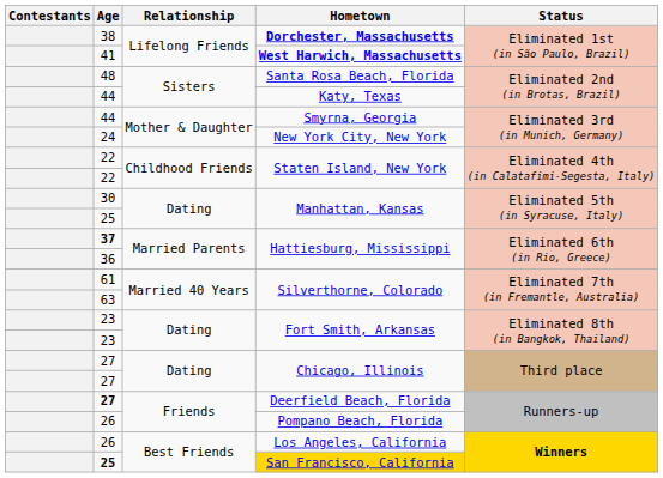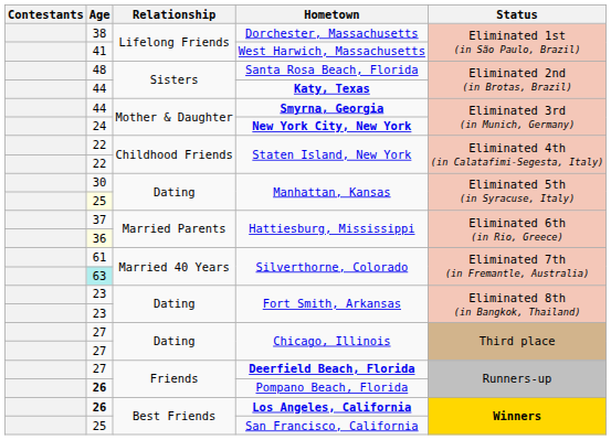 <table class="wikitable sortable" style="text-align:center;">
 <tr>
 <th scope="col">Contestants</th>
 <th scope="col">Age</th>
 <th scope="col" class="unsortable">Relationship</th>
 <th class="unsortable" scope="col">Hometown</th>
 <th scope="col">Status</th>
 </tr>
 <tr>
 <th scope="row"></th>
 <td>38</td>
 <td rowspan="2">Lifelong Friends</td>
-<td><strong><a href='#'>Dorchester, Massachusetts</a></strong></td>
+<td><a href='#'>Dorchester, Massachusetts</a></td>
 <td rowspan="2" bgcolor="f4c7b8">Eliminated 1st<br><small><em>(in São Paulo, Brazil)</em></small></td>
 </tr>
 <tr>
 <th scope="row"></th>
 <td>41</td>
-<td><strong><a href='#'>West Harwich, Massachusetts</a></strong></td>
+<td><a href='#'>West Harwich, Massachusetts</a></td>
 </tr>
 <tr>
 <th scope="row"></th>
 <td>48</td>
 <td rowspan="2">Sisters</td>
 <td><a href='#'>Santa Rosa Beach, Florida</a></td>
 <td rowspan="2" bgcolor="f4c7b8">Eliminated 2nd<br><small><em>(in Brotas, Brazil)</em></small></td>
 </tr>
 <tr>
 <th scope="row"></th>
 <td>44</td>
-<td><a href='#'>Katy, Texas</a></td>
+<td><strong><a href='#'>Katy, Texas</a></strong></td>
 </tr>
 <tr>
 <th scope="row"></th>
 <td>44</td>
 <td rowspan="2">Mother & Daughter</td>
-<td><a href='#'>Smyrna, Georgia</a></td>
+<td><strong><a href='#'>Smyrna, Georgia</a></strong></td>
 <td rowspan="2" bgcolor="f4c7b8">Eliminated 3rd<br><small><em>(in Munich, Germany)</em></small></td>
 </tr>
 <tr>
 <th scope="row"></th>
 <td>24</td>
-<td><a href='#'>New York City, New York</a></td>
+<td><strong><a href='#'>New York City, New York</a></strong></td>
 </tr>
 <tr>
 <th scope="row"></th>
 <td>22</td>
 <td rowspan="2">Childhood Friends</td>
 <td rowspan="2"><a href='#'>Staten Island, New York</a></td>
 <td rowspan="2" bgcolor="f4c7b8">Eliminated 4th<br><small><em>(in Calatafimi-Segesta, Italy)</em></small></td>
 </tr>
 <tr>
 <th scope="row"></th>
 <td>22</td>
 </tr>
 <tr>
 <th scope="row"></th>
 <td>30</td>
 <td rowspan="2">Dating</td>
 <td rowspan="2"><a href='#'>Manhattan, Kansas</a></td>
 <td rowspan="2" bgcolor="f4c7b8">Eliminated 5th<br><small><em>(in Syracuse, Italy)</em></small></td>
 </tr>
 <tr>
 <th scope="row"></th>
-<td>25</td>
+<td style="background: lightyellow;">25</td>
 </tr>
 <tr>
 <th scope="row"></th>
-<td><strong>37</strong></td>
+<td>37</td>
 <td rowspan="2">Married Parents</td>
 <td rowspan="2"><a href='#'>Hattiesburg, Mississippi</a></td>
 <td rowspan="2" bgcolor="f4c7b8">Eliminated 6th<br><small><em>(in Rio, Greece)</em></small></td>
 </tr>
 <tr>
 <th scope="row"></th>
-<td>36</td>
+<td style="background: lightyellow;">36</td>
 </tr>
 <tr>
 <th scope="row"></th>
 <td>61</td>
 <td rowspan="2">Married 40 Years</td>
 <td rowspan="2"><a href='#'>Silverthorne, Colorado</a></td>
 <td rowspan="2" bgcolor="f4c7b8">Eliminated 7th<br><small><em>(in Fremantle, Australia)</em></small></td>
 </tr>
 <tr>
 <th scope="row"></th>
-<td>63</td>
+<td style="background: paleturquoise;">63</td>
 </tr>
 <tr>
 <th scope="row"></th>
 <td>23</td>
 <td rowspan="2">Dating</td>
 <td rowspan="2"><a href='#'>Fort Smith, Arkansas</a></td>
 <td rowspan="2" bgcolor="f4c7b8">Eliminated 8th<br><small><em>(in Bangkok, Thailand)</em></small></td>
 </tr>
 <tr>
 <th scope="row"></th>
 <td>23</td>
 </tr>
 <tr>
 <th scope="row"></th>
 <td>27</td>
 <td rowspan="2">Dating</td>
 <td rowspan="2"><a href='#'>Chicago, Illinois</a></td>
 <td rowspan="2" bgcolor="tan">Third place</td>
 </tr>
 <tr>
 <th scope="row"></th>
 <td>27</td>
 </tr>
 <tr>
 <th scope="row"></th>
-<td><strong>27</strong></td>
+<td>27</td>
 <td rowspan="2">Friends</td>
-<td><a href='#'>Deerfield Beach, Florida</a></td>
+<td><strong><a href='#'>Deerfield Beach, Florida</a></strong></td>
 <td rowspan="2" bgcolor="silver">Runners-up</td>
 </tr>
 <tr>
 <th scope="row"></th>
-<td>26</td>
+<td><strong>26</strong></td>
 <td><a href='#'>Pompano Beach, Florida</a></td>
 </tr>
 <tr>
 <th scope="row"></th>
-<td>26</td>
+<td><strong>26</strong></td>
 <td rowspan="2">Best Friends</td>
-<td><a href='#'>Los Angeles, California</a></td>
+<td><strong><a href='#'>Los Angeles, California</a></strong></td>
 <td rowspan="2" bgcolor="gold"><strong>Winners</strong></td>
 </tr>
 <tr>
 <th scope="row"></th>
-<td><strong>25</strong></td>
-<td style="background: gold;"><a href='#'>San Francisco, California</a></td>
+<td>25</td>
+<td><a href='#'>San Francisco, California</a></td>
 </tr>
 </table>
